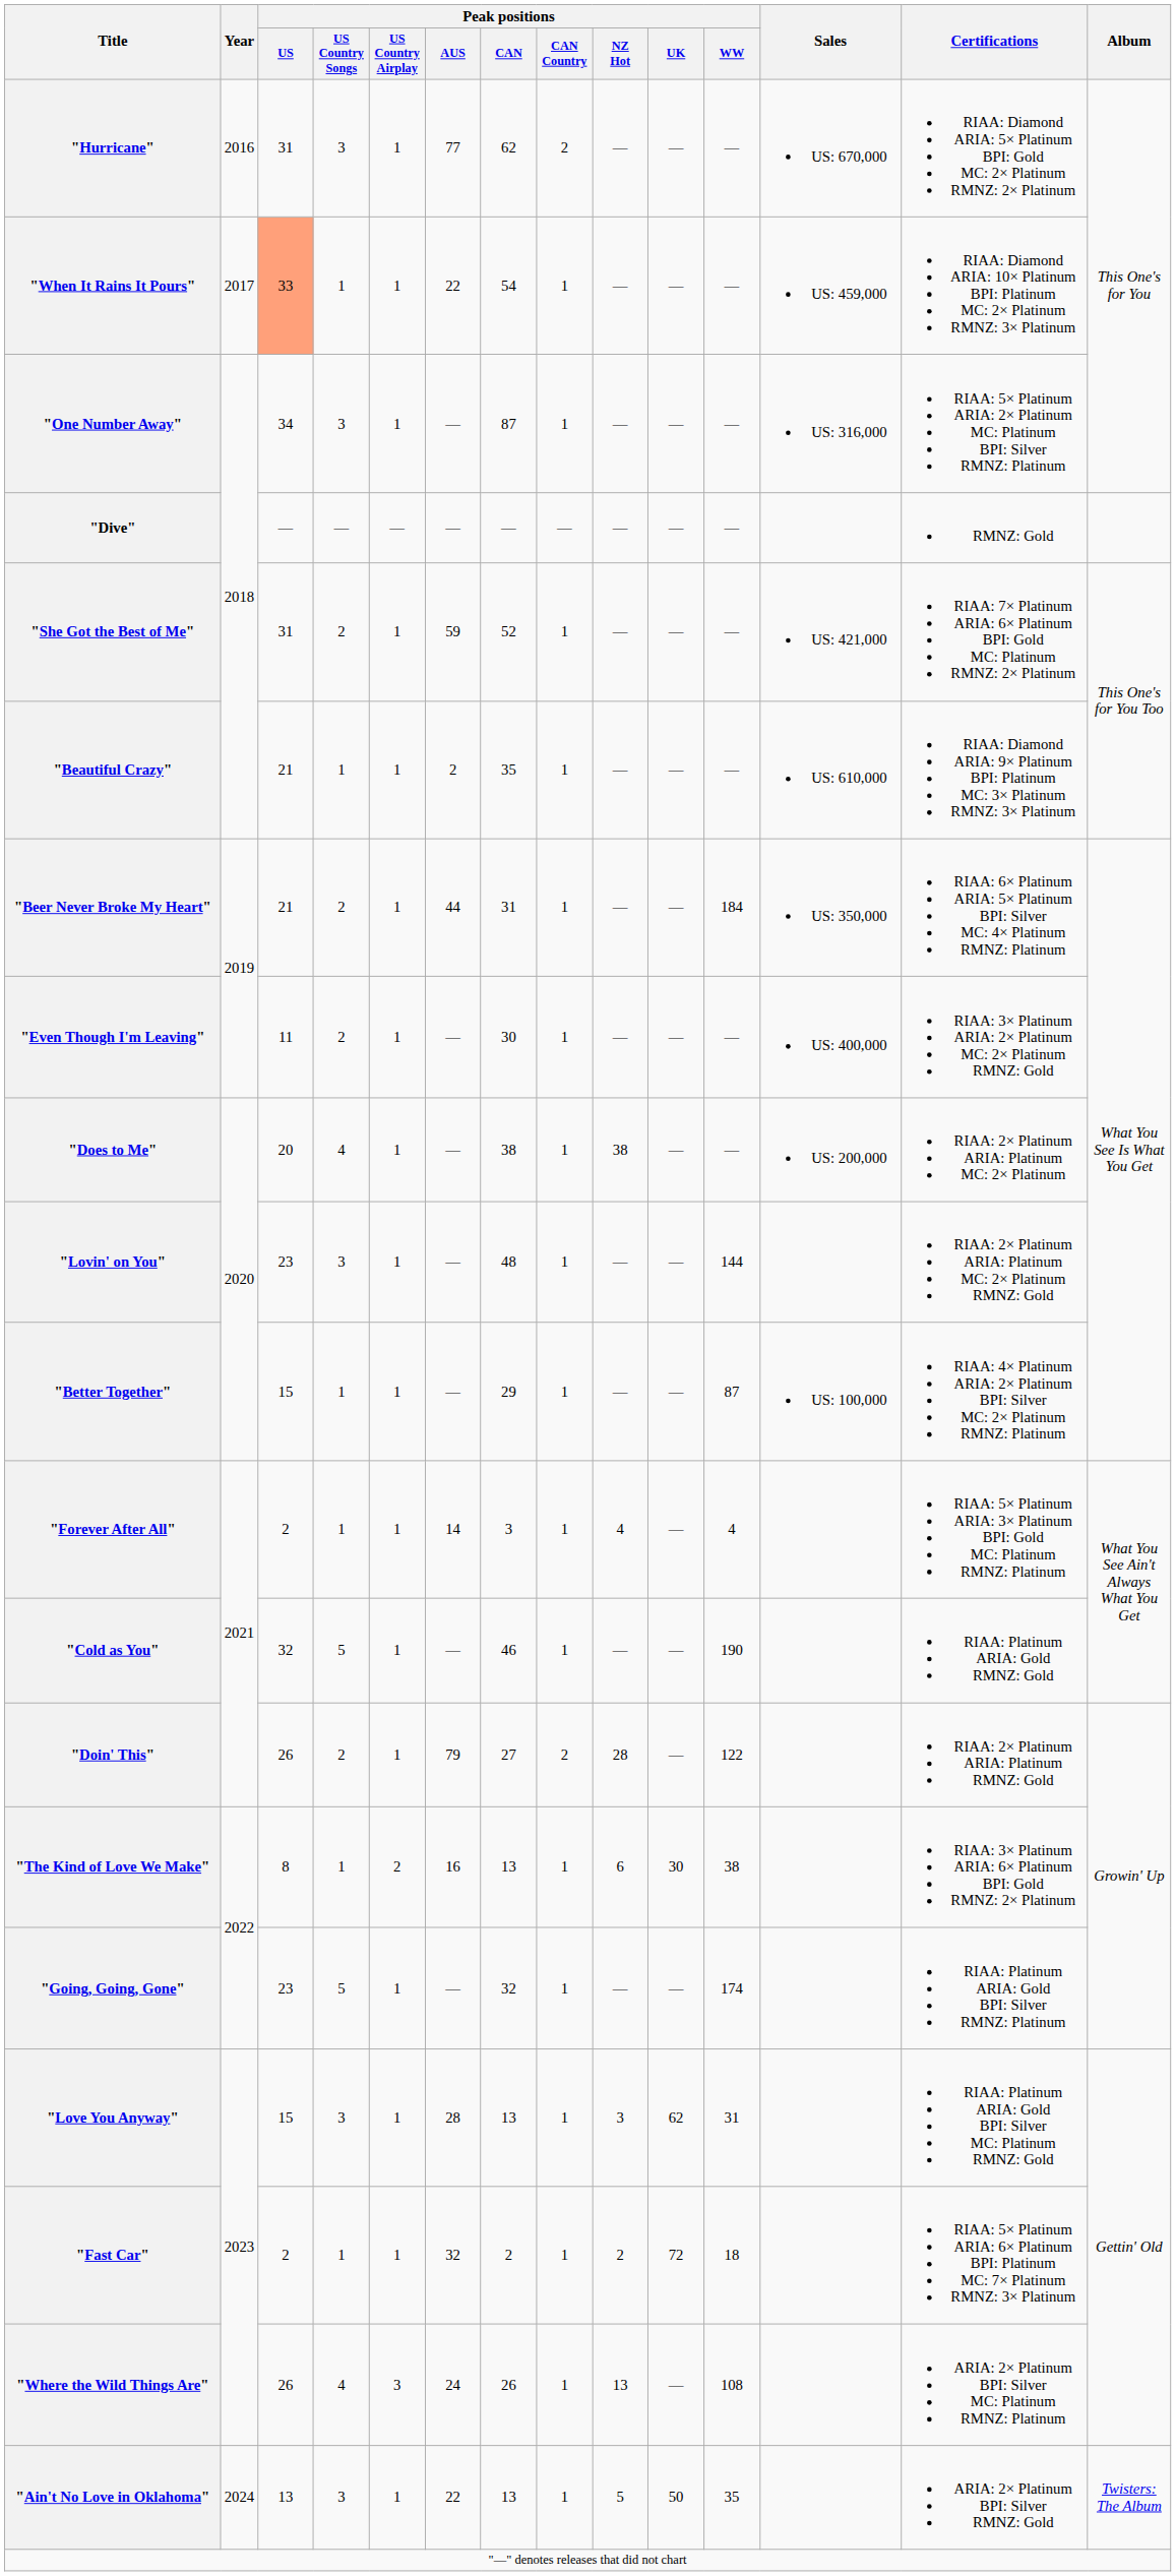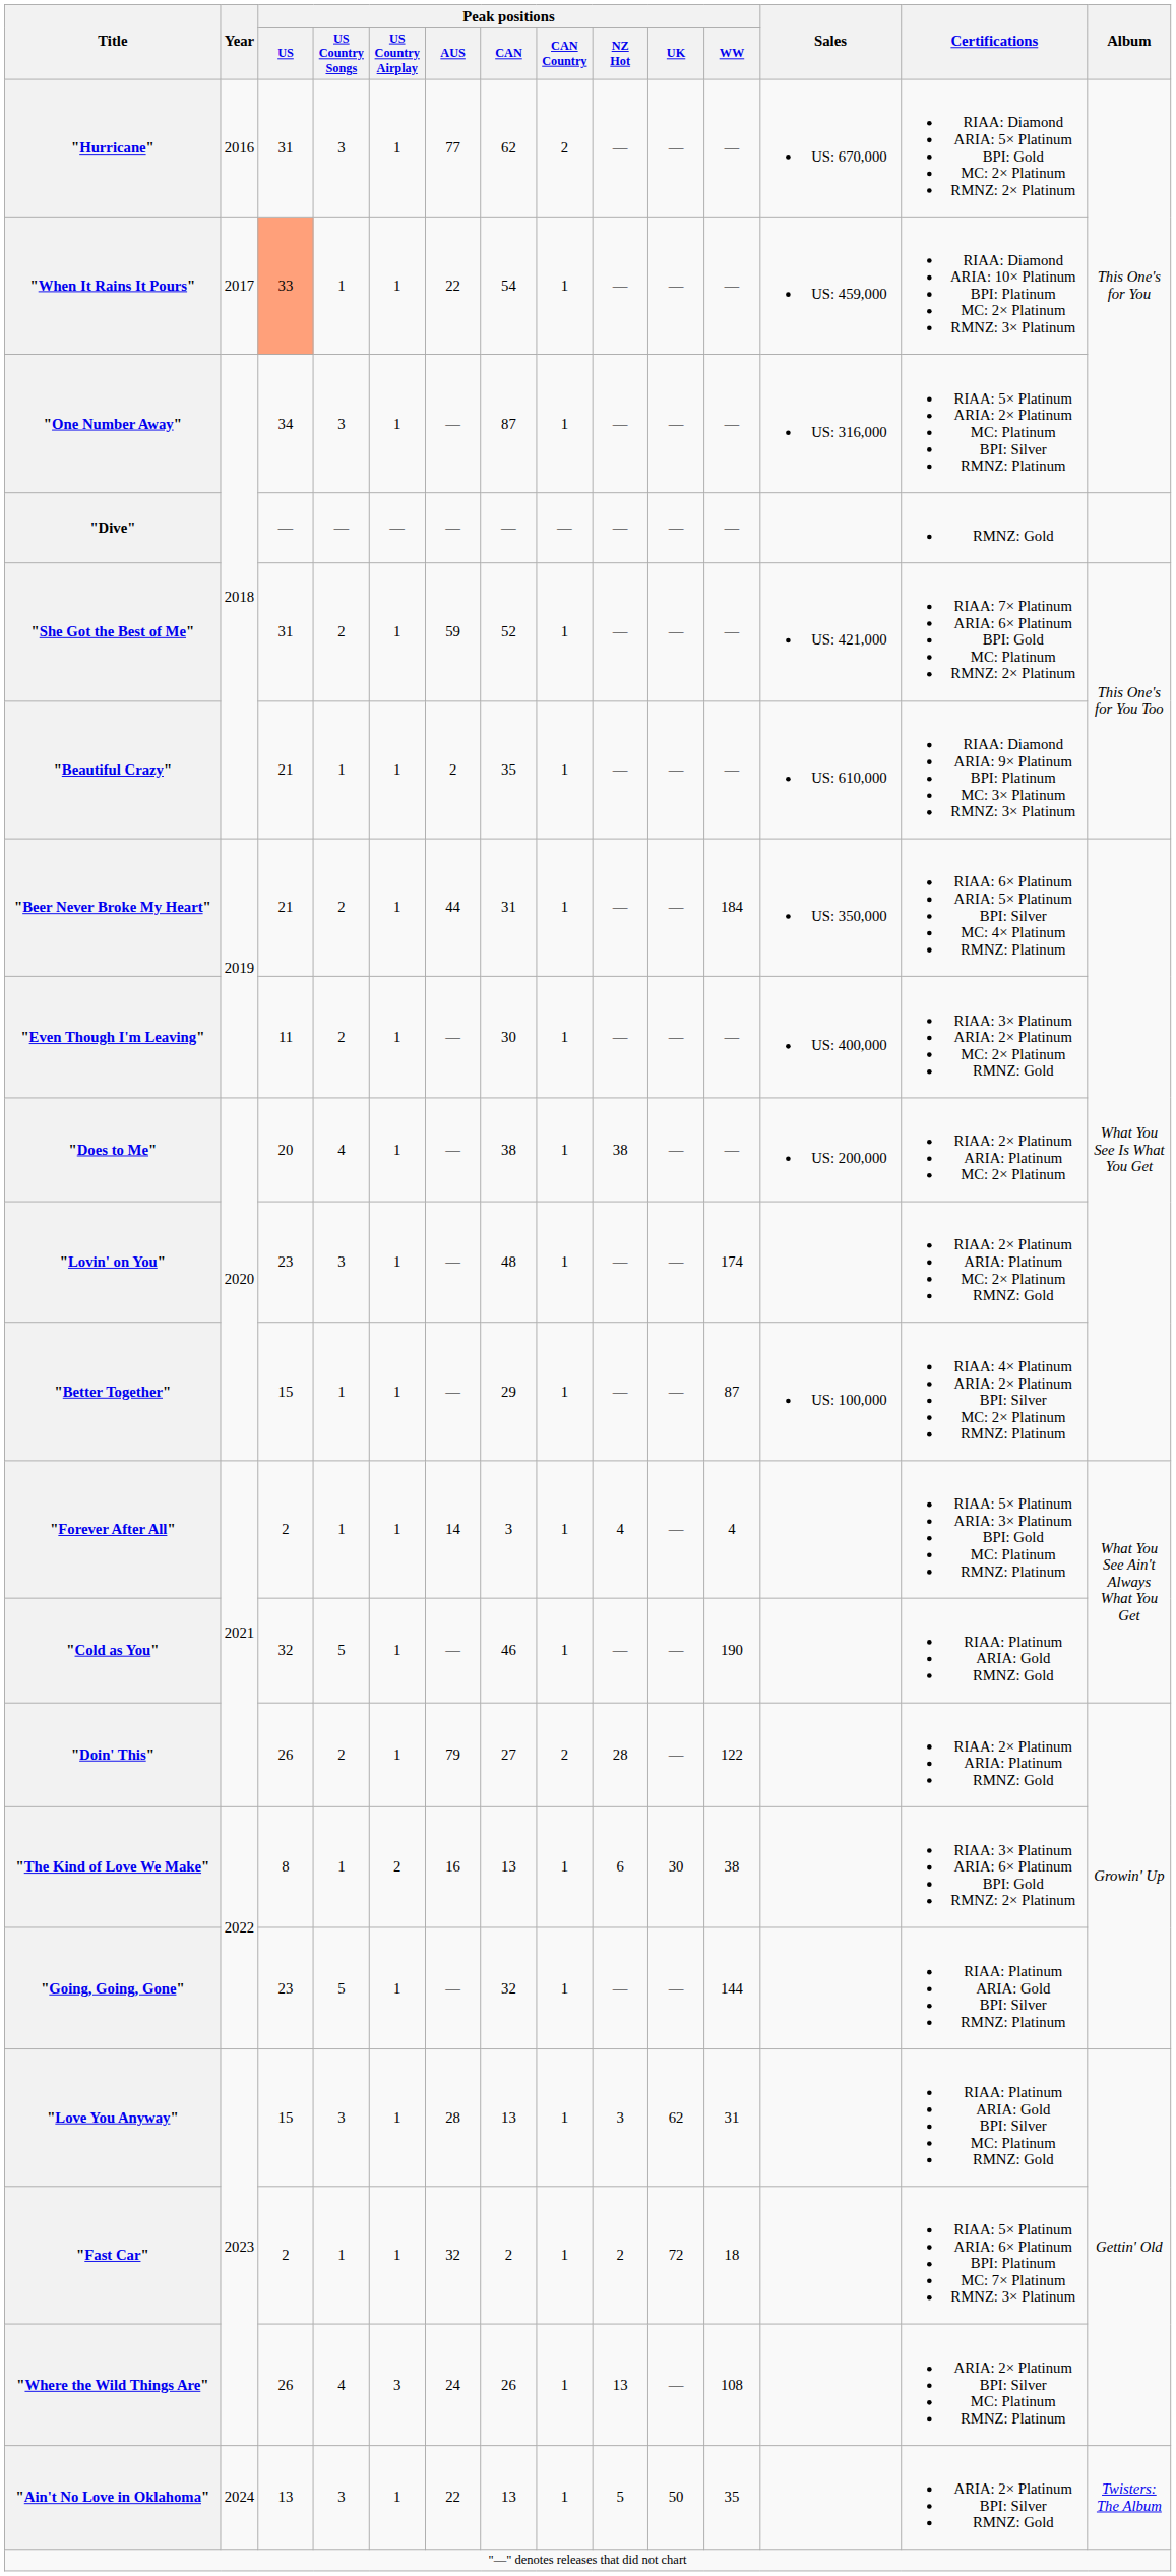 <table class="wikitable plainrowheaders" style="text-align:center;">
 <tr>
 <th scope="col" rowspan="2" style="width:14em;">Title</th>
 <th scope="col" rowspan="2">Year</th>
 <th scope="col" colspan="9">Peak positions</th>
 <th scope="col" rowspan="2" style="width:9em;">Sales</th>
 <th scope="col" rowspan="2" style="width:12em;"><a href='#'>Certifications</a></th>
 <th scope="col" rowspan="2">Album</th>
 </tr>
 <tr style="font-size:smaller;">
 <th scope="col" style="width:4em;"><a href='#'>US</a><br></th>
 <th scope="col" style="width:4em;"><a href='#'>US Country Songs</a><br></th>
 <th scope="col" style="width:4em;"><a href='#'>US Country Airplay</a><br></th>
 <th scope="col" style="width:4em;"><a href='#'>AUS</a><br></th>
 <th scope="col" style="width:4em;"><a href='#'>CAN</a><br></th>
 <th scope="col" style="width:4em;"><a href='#'>CAN Country</a><br></th>
 <th scope="col" style="width:4em;"><a href='#'>NZ<br>Hot</a><br></th>
 <th scope="col" style="width:4em;"><a href='#'>UK</a><br></th>
 <th scope="col" style="width:4em;"><a href='#'>WW</a><br></th>
 </tr>
 <tr>
 <th scope="row">"<a href='#'>Hurricane</a>"</th>
 <td>2016</td>
 <td>31</td>
 <td>3</td>
 <td>1</td>
 <td>77</td>
 <td>62</td>
 <td>2</td>
 <td>—</td>
 <td>—</td>
 <td>—</td>
 <td><br><ul><li>US: 670,000</li></ul></td>
 <td><br><ul><li>RIAA: Diamond</li><li>ARIA: 5× Platinum</li><li>BPI: Gold</li><li>MC: 2× Platinum</li><li>RMNZ: 2× Platinum</li></ul></td>
 <td rowspan="3"><em>This One's for You</em></td>
 </tr>
 <tr>
 <th scope="row">"<a href='#'>When It Rains It Pours</a>"</th>
 <td>2017</td>
 <td style="background: lightsalmon;">33</td>
 <td>1</td>
 <td>1</td>
 <td>22</td>
 <td>54</td>
 <td>1</td>
 <td>—</td>
 <td>—</td>
 <td>—</td>
 <td><br><ul><li>US: 459,000</li></ul></td>
 <td><br><ul><li>RIAA: Diamond</li><li>ARIA: 10× Platinum</li><li>BPI: Platinum</li><li>MC: 2× Platinum</li><li>RMNZ: 3× Platinum</li></ul></td>
 </tr>
 <tr>
 <th scope="row">"<a href='#'>One Number Away</a>"</th>
 <td rowspan="4">2018</td>
 <td>34</td>
 <td>3</td>
 <td>1</td>
 <td>—</td>
 <td>87</td>
 <td>1</td>
 <td>—</td>
 <td>—</td>
 <td>—</td>
 <td><br><ul><li>US: 316,000</li></ul></td>
 <td><br><ul><li>RIAA: 5× Platinum</li><li>ARIA: 2× Platinum</li><li>MC: Platinum</li><li>BPI: Silver</li><li>RMNZ: Platinum</li></ul></td>
 </tr>
 <tr>
 <th scope="row">"Dive"</th>
 <td>—</td>
 <td>—</td>
 <td>—</td>
 <td>—</td>
 <td>—</td>
 <td>—</td>
 <td>—</td>
 <td>—</td>
 <td>—</td>
 <td></td>
 <td><br><ul><li>RMNZ: Gold</li></ul></td>
 <td></td>
 </tr>
 <tr>
 <th scope="row">"<a href='#'>She Got the Best of Me</a>"</th>
 <td>31</td>
 <td>2</td>
 <td>1</td>
 <td>59</td>
 <td>52</td>
 <td>1</td>
 <td>—</td>
 <td>—</td>
 <td>—</td>
 <td><br><ul><li>US: 421,000</li></ul></td>
 <td><br><ul><li>RIAA: 7× Platinum</li><li>ARIA: 6× Platinum</li><li>BPI: Gold</li><li>MC: Platinum</li><li>RMNZ: 2× Platinum</li></ul></td>
 <td rowspan="2" style="text-align:center;"><em>This One's for You Too</em></td>
 </tr>
 <tr>
 <th scope="row">"<a href='#'>Beautiful Crazy</a>"</th>
 <td>21</td>
 <td>1</td>
 <td>1</td>
 <td>2</td>
 <td>35</td>
 <td>1</td>
 <td>—</td>
 <td>—</td>
 <td>—</td>
 <td><br><ul><li>US: 610,000</li></ul></td>
 <td><br><ul><li>RIAA: Diamond</li><li>ARIA: 9× Platinum</li><li>BPI: Platinum</li><li>MC: 3× Platinum</li><li>RMNZ: 3× Platinum</li></ul></td>
 </tr>
 <tr>
 <th scope="row">"<a href='#'>Beer Never Broke My Heart</a>"</th>
 <td rowspan="2">2019</td>
 <td>21</td>
 <td>2</td>
 <td>1</td>
 <td>44</td>
 <td>31</td>
 <td>1</td>
 <td>—</td>
 <td>—</td>
 <td>184</td>
 <td><br><ul><li>US: 350,000</li></ul></td>
 <td><br><ul><li>RIAA: 6× Platinum</li><li>ARIA: 5× Platinum</li><li>BPI: Silver</li><li>MC: 4× Platinum</li><li>RMNZ: Platinum</li></ul></td>
 <td rowspan="5" style="text-align:center;"><em>What You See Is What You Get</em></td>
 </tr>
 <tr>
 <th scope="row">"<a href='#'>Even Though I'm Leaving</a>"</th>
 <td>11</td>
 <td>2</td>
 <td>1</td>
 <td>—</td>
 <td>30</td>
 <td>1</td>
 <td>—</td>
 <td>—</td>
 <td>—</td>
 <td><br><ul><li>US: 400,000</li></ul></td>
 <td><br><ul><li>RIAA: 3× Platinum</li><li>ARIA: 2× Platinum</li><li>MC: 2× Platinum</li><li>RMNZ: Gold</li></ul></td>
 </tr>
 <tr>
 <th scope="row">"<a href='#'>Does to Me</a>"<br></th>
 <td rowspan="3">2020</td>
 <td>20</td>
 <td>4</td>
 <td>1</td>
 <td>—</td>
 <td>38</td>
 <td>1</td>
 <td>38</td>
 <td>—</td>
 <td>—</td>
 <td><br><ul><li>US: 200,000</li></ul></td>
 <td><br><ul><li>RIAA: 2× Platinum</li><li>ARIA: Platinum</li><li>MC: 2× Platinum</li></ul></td>
 </tr>
 <tr>
 <th scope="row">"<a href='#'>Lovin' on You</a>"</th>
 <td>23</td>
 <td>3</td>
 <td>1</td>
 <td>—</td>
 <td>48</td>
 <td>1</td>
 <td>—</td>
 <td>—</td>
-<td>144</td>
+<td>174</td>
 <td></td>
 <td><br><ul><li>RIAA: 2× Platinum</li><li>ARIA: Platinum</li><li>MC: 2× Platinum</li><li>RMNZ: Gold</li></ul></td>
 </tr>
 <tr>
 <th scope="row">"<a href='#'>Better Together</a>"</th>
 <td>15</td>
 <td>1</td>
 <td>1</td>
 <td>—</td>
 <td>29</td>
 <td>1</td>
 <td>—</td>
 <td>—</td>
 <td>87</td>
 <td><br><ul><li>US: 100,000</li></ul></td>
 <td><br><ul><li>RIAA: 4× Platinum</li><li>ARIA: 2× Platinum</li><li>BPI: Silver</li><li>MC: 2× Platinum</li><li>RMNZ: Platinum</li></ul></td>
 </tr>
 <tr>
 <th scope="row">"<a href='#'>Forever After All</a>"</th>
 <td rowspan="3”">2021</td>
 <td>2</td>
 <td>1</td>
 <td>1</td>
 <td>14</td>
 <td>3</td>
 <td>1</td>
 <td>4</td>
 <td>—</td>
 <td>4</td>
 <td></td>
 <td><br><ul><li>RIAA: 5× Platinum</li><li>ARIA: 3× Platinum</li><li>BPI: Gold</li><li>MC: Platinum</li><li>RMNZ: Platinum</li></ul></td>
 <td rowspan=2><em>What You See Ain't Always What You Get</em></td>
 </tr>
 <tr>
 <th scope="row">"<a href='#'>Cold as You</a>"</th>
 <td>32</td>
 <td>5</td>
 <td>1</td>
 <td>—</td>
 <td>46</td>
 <td>1</td>
 <td>—</td>
 <td>—</td>
 <td>190</td>
 <td></td>
 <td><br><ul><li>RIAA: Platinum</li><li>ARIA: Gold</li><li>RMNZ: Gold</li></ul></td>
 </tr>
 <tr>
 <th scope="row">"<a href='#'>Doin' This</a>"</th>
 <td>26</td>
 <td>2</td>
 <td>1</td>
 <td>79</td>
 <td>27</td>
 <td>2</td>
 <td>28</td>
 <td>—</td>
 <td>122</td>
 <td></td>
 <td><br><ul><li>RIAA: 2× Platinum</li><li>ARIA: Platinum</li><li>RMNZ: Gold</li></ul></td>
 <td rowspan=3><em>Growin' Up</em></td>
 </tr>
 <tr>
 <th scope="row">"<a href='#'>The Kind of Love We Make</a>"</th>
 <td rowspan="2">2022</td>
 <td>8</td>
 <td>1</td>
 <td>2</td>
 <td>16</td>
 <td>13</td>
 <td>1</td>
 <td>6</td>
 <td>30</td>
 <td>38</td>
 <td></td>
 <td><br><ul><li>RIAA: 3× Platinum</li><li>ARIA: 6× Platinum</li><li>BPI: Gold</li><li>RMNZ: 2× Platinum</li></ul></td>
 </tr>
 <tr>
 <th scope="row">"<a href='#'>Going, Going, Gone</a>"</th>
 <td>23</td>
 <td>5</td>
 <td>1</td>
 <td>—</td>
 <td>32</td>
 <td>1</td>
 <td>—</td>
 <td>—</td>
-<td>174</td>
+<td>144</td>
 <td></td>
 <td><br><ul><li>RIAA: Platinum</li><li>ARIA: Gold</li><li>BPI: Silver</li><li>RMNZ: Platinum</li></ul></td>
 </tr>
 <tr>
 <th scope="row">"<a href='#'>Love You Anyway</a>"</th>
 <td rowspan="3">2023</td>
 <td>15</td>
 <td>3</td>
 <td>1</td>
 <td>28</td>
 <td>13</td>
 <td>1</td>
 <td>3</td>
 <td>62</td>
 <td>31</td>
 <td></td>
 <td><br><ul><li>RIAA: Platinum</li><li>ARIA: Gold</li><li>BPI: Silver</li><li>MC: Platinum</li><li>RMNZ: Gold</li></ul></td>
 <td rowspan="3"><em>Gettin' Old</em></td>
 </tr>
 <tr>
 <th scope="row">"<a href='#'>Fast Car</a>"</th>
 <td>2</td>
 <td>1</td>
 <td>1</td>
 <td>32</td>
 <td>2</td>
 <td>1</td>
 <td>2</td>
 <td>72</td>
 <td>18</td>
 <td></td>
 <td><br><ul><li>RIAA: 5× Platinum</li><li>ARIA: 6× Platinum</li><li>BPI: Platinum</li><li>MC: 7× Platinum</li><li>RMNZ: 3× Platinum</li></ul></td>
 </tr>
 <tr>
 <th scope="row">"<a href='#'>Where the Wild Things Are</a>"</th>
 <td>26</td>
 <td>4</td>
 <td>3</td>
 <td>24</td>
 <td>26</td>
 <td>1</td>
 <td>13</td>
 <td>—</td>
 <td>108</td>
 <td></td>
 <td><br><ul><li>ARIA: 2× Platinum</li><li>BPI: Silver</li><li>MC: Platinum</li><li>RMNZ: Platinum</li></ul></td>
 </tr>
 <tr>
 <th scope="row">"<a href='#'>Ain't No Love in Oklahoma</a>"</th>
 <td>2024</td>
 <td>13</td>
 <td>3</td>
 <td>1</td>
 <td>22</td>
 <td>13</td>
 <td>1</td>
 <td>5</td>
 <td>50</td>
 <td>35</td>
 <td></td>
 <td><br><ul><li>ARIA: 2× Platinum</li><li>BPI: Silver</li><li>RMNZ: Gold</li></ul></td>
 <td><em><a href='#'>Twisters: The Album</a></em></td>
 </tr>
 <tr>
 <td colspan="14" style="font-size:85%">"—" denotes releases that did not chart</td>
 </tr>
 </table>
